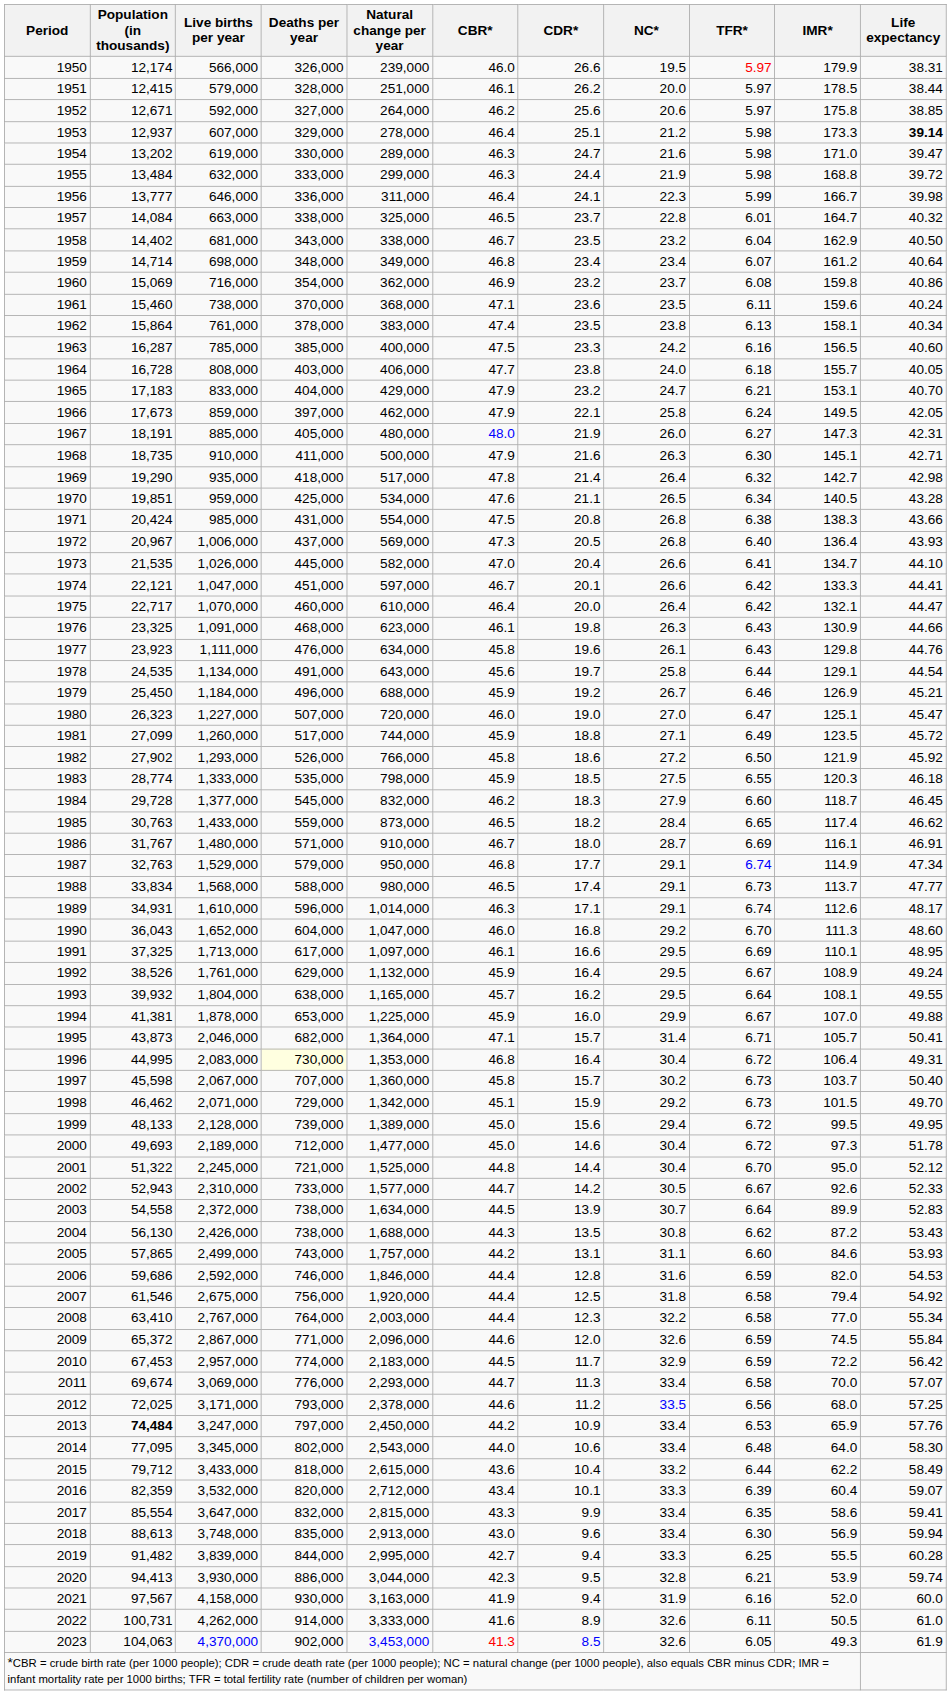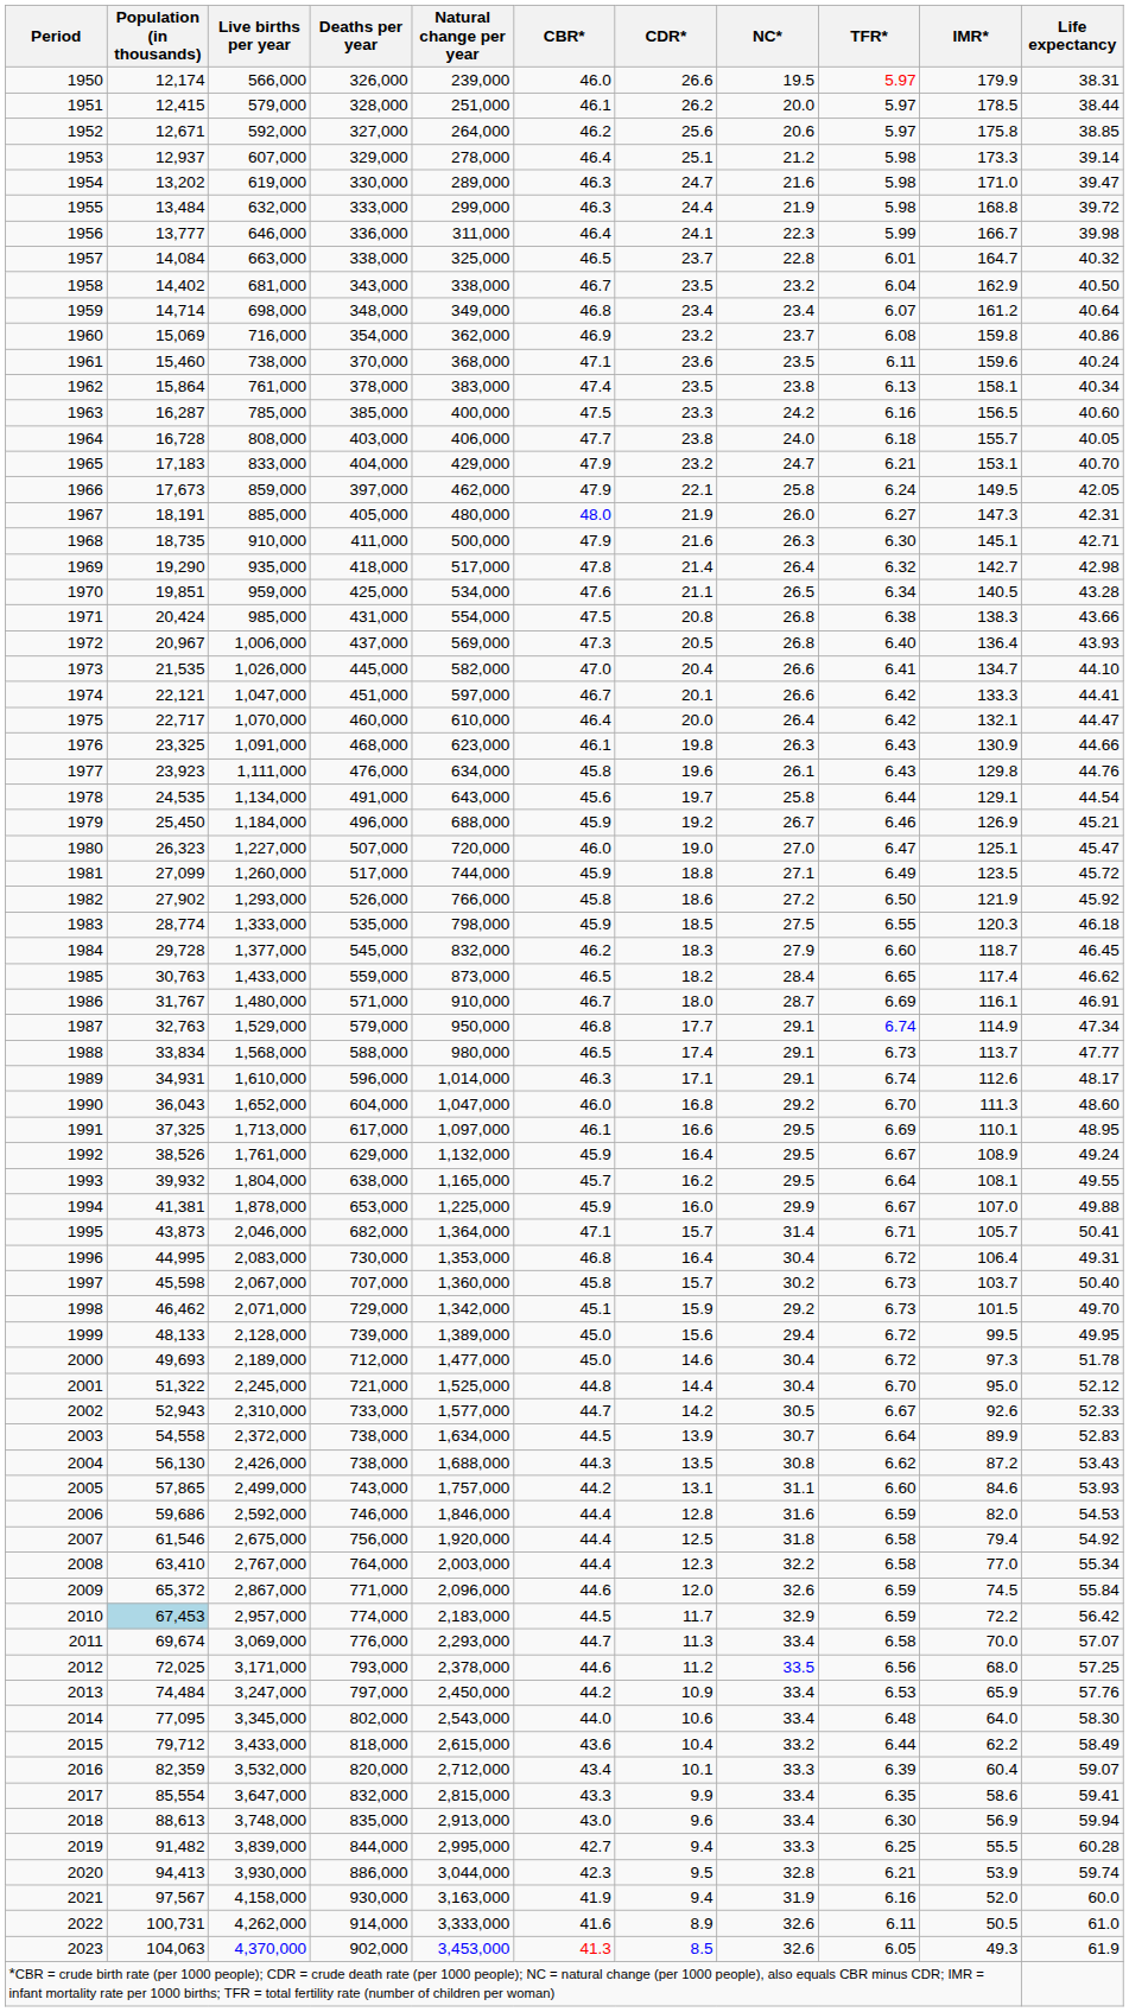 <table class="wikitable sortable" style="text-align: right;">
 <tr>
 <th style="width:70pt;">Period</th>
 <th style="width:70pt;">Population (in thousands)</th>
 <th style="width:70pt;">Live births per year</th>
 <th style="width:70pt;">Deaths per year</th>
 <th style="width:70pt;">Natural change per year</th>
 <th style="width:70pt;">CBR*</th>
 <th style="width:70pt;">CDR*</th>
 <th style="width:70pt;">NC*</th>
 <th style="width:70pt;">TFR*</th>
 <th style="width:70pt;">IMR*</th>
 <th style="width:70pt;">Life expectancy</th>
 </tr>
 <tr>
 <td>1950</td>
 <td>12,174</td>
 <td>   566,000</td>
 <td>   326,000</td>
 <td>   239,000</td>
 <td>46.0</td>
 <td>26.6</td>
 <td>19.5</td>
 <td style="color:red">5.97</td>
 <td>179.9</td>
 <td>38.31</td>
 </tr>
 <tr>
 <td>1951</td>
 <td>12,415</td>
 <td>  579,000</td>
 <td>  328,000</td>
 <td>  251,000</td>
 <td>46.1</td>
 <td>26.2</td>
 <td>20.0</td>
 <td>5.97</td>
 <td>178.5</td>
 <td>38.44</td>
 </tr>
 <tr>
 <td>1952</td>
 <td>12,671</td>
 <td>  592,000</td>
 <td>  327,000</td>
 <td>  264,000</td>
 <td>46.2</td>
 <td>25.6</td>
 <td>20.6</td>
 <td>5.97</td>
 <td>175.8</td>
 <td>38.85</td>
 </tr>
 <tr>
 <td>1953</td>
 <td>12,937</td>
 <td>  607,000</td>
 <td>  329,000</td>
 <td>  278,000</td>
 <td>46.4</td>
 <td>25.1</td>
 <td>21.2</td>
 <td>5.98</td>
 <td>173.3</td>
-<td><strong>39.14</strong></td>
+<td>39.14</td>
 </tr>
 <tr>
 <td>1954</td>
 <td>13,202</td>
 <td>  619,000</td>
 <td>  330,000</td>
 <td>  289,000</td>
 <td>46.3</td>
 <td>24.7</td>
 <td>21.6</td>
 <td>5.98</td>
 <td>171.0</td>
 <td>39.47</td>
 </tr>
 <tr>
 <td>1955</td>
 <td>13,484</td>
 <td>  632,000</td>
 <td>  333,000</td>
 <td>  299,000</td>
 <td>46.3</td>
 <td>24.4</td>
 <td>21.9</td>
 <td>5.98</td>
 <td>168.8</td>
 <td>39.72</td>
 </tr>
 <tr>
 <td>1956</td>
 <td>13,777</td>
 <td>  646,000</td>
 <td>  336,000</td>
 <td>  311,000</td>
 <td>46.4</td>
 <td>24.1</td>
 <td>22.3</td>
 <td>5.99</td>
 <td>166.7</td>
 <td>39.98</td>
 </tr>
 <tr>
 <td>1957</td>
 <td>14,084</td>
 <td>  663,000</td>
 <td>  338,000</td>
 <td>  325,000</td>
 <td>46.5</td>
 <td>23.7</td>
 <td>22.8</td>
 <td>6.01</td>
 <td>164.7</td>
 <td>40.32</td>
 </tr>
 <tr>
 <td>1958</td>
 <td>14,402</td>
 <td>  681,000</td>
 <td>  343,000</td>
 <td>  338,000</td>
 <td>46.7</td>
 <td>23.5</td>
 <td>23.2</td>
 <td>6.04</td>
 <td>162.9</td>
 <td>40.50</td>
 </tr>
 <tr>
 <td>1959</td>
 <td>14,714</td>
 <td>  698,000</td>
 <td>  348,000</td>
 <td>  349,000</td>
 <td>46.8</td>
 <td>23.4</td>
 <td>23.4</td>
 <td>6.07</td>
 <td>161.2</td>
 <td>40.64</td>
 </tr>
 <tr>
 <td>1960</td>
 <td>15,069</td>
 <td>  716,000</td>
 <td>  354,000</td>
 <td>  362,000</td>
 <td>46.9</td>
 <td>23.2</td>
 <td>23.7</td>
 <td>6.08</td>
 <td>159.8</td>
 <td>40.86</td>
 </tr>
 <tr>
 <td>1961</td>
 <td>15,460</td>
 <td>  738,000</td>
 <td>  370,000</td>
 <td>  368,000</td>
 <td>47.1</td>
 <td>23.6</td>
 <td>23.5</td>
 <td>6.11</td>
 <td>159.6</td>
 <td>40.24</td>
 </tr>
 <tr>
 <td>1962</td>
 <td>15,864</td>
 <td>  761,000</td>
 <td>  378,000</td>
 <td>  383,000</td>
 <td>47.4</td>
 <td>23.5</td>
 <td>23.8</td>
 <td>6.13</td>
 <td>158.1</td>
 <td>40.34</td>
 </tr>
 <tr>
 <td>1963</td>
 <td>16,287</td>
 <td>  785,000</td>
 <td>  385,000</td>
 <td>  400,000</td>
 <td>47.5</td>
 <td>23.3</td>
 <td>24.2</td>
 <td>6.16</td>
 <td>156.5</td>
 <td>40.60</td>
 </tr>
 <tr>
 <td>1964</td>
 <td>16,728</td>
 <td>  808,000</td>
 <td>  403,000</td>
 <td>  406,000</td>
 <td>47.7</td>
 <td>23.8</td>
 <td>24.0</td>
 <td>6.18</td>
 <td>155.7</td>
 <td>40.05</td>
 </tr>
 <tr>
 <td>1965</td>
 <td>17,183</td>
 <td>  833,000</td>
 <td>  404,000</td>
 <td>  429,000</td>
 <td>47.9</td>
 <td>23.2</td>
 <td>24.7</td>
 <td>6.21</td>
 <td>153.1</td>
 <td>40.70</td>
 </tr>
 <tr>
 <td>1966</td>
 <td>17,673</td>
 <td>  859,000</td>
 <td>  397,000</td>
 <td>  462,000</td>
 <td>47.9</td>
 <td>22.1</td>
 <td>25.8</td>
 <td>6.24</td>
 <td>149.5</td>
 <td>42.05</td>
 </tr>
 <tr>
 <td>1967</td>
 <td>18,191</td>
 <td>  885,000</td>
 <td>  405,000</td>
 <td>  480,000</td>
 <td style="color:blue">48.0</td>
 <td>21.9</td>
 <td>26.0</td>
 <td>6.27</td>
 <td>147.3</td>
 <td>42.31</td>
 </tr>
 <tr>
 <td>1968</td>
 <td>18,735</td>
 <td>  910,000</td>
 <td>  411,000</td>
 <td>  500,000</td>
 <td>47.9</td>
 <td>21.6</td>
 <td>26.3</td>
 <td>6.30</td>
 <td>145.1</td>
 <td>42.71</td>
 </tr>
 <tr>
 <td>1969</td>
 <td>19,290</td>
 <td>  935,000</td>
 <td>  418,000</td>
 <td>  517,000</td>
 <td>47.8</td>
 <td>21.4</td>
 <td>26.4</td>
 <td>6.32</td>
 <td>142.7</td>
 <td>42.98</td>
 </tr>
 <tr>
 <td>1970</td>
 <td>19,851</td>
 <td>  959,000</td>
 <td>  425,000</td>
 <td>  534,000</td>
 <td>47.6</td>
 <td>21.1</td>
 <td>26.5</td>
 <td>6.34</td>
 <td>140.5</td>
 <td>43.28</td>
 </tr>
 <tr>
 <td>1971</td>
 <td>20,424</td>
 <td>  985,000</td>
 <td>  431,000</td>
 <td>  554,000</td>
 <td>47.5</td>
 <td>20.8</td>
 <td>26.8</td>
 <td>6.38</td>
 <td>138.3</td>
 <td>43.66</td>
 </tr>
 <tr>
 <td>1972</td>
 <td>20,967</td>
 <td>  1,006,000</td>
 <td>  437,000</td>
 <td>  569,000</td>
 <td>47.3</td>
 <td>20.5</td>
 <td>26.8</td>
 <td>6.40</td>
 <td>136.4</td>
 <td>43.93</td>
 </tr>
 <tr>
 <td>1973</td>
 <td>21,535</td>
 <td>  1,026,000</td>
 <td>  445,000</td>
 <td>  582,000</td>
 <td>47.0</td>
 <td>20.4</td>
 <td>26.6</td>
 <td>6.41</td>
 <td>134.7</td>
 <td>44.10</td>
 </tr>
 <tr>
 <td>1974</td>
 <td>22,121</td>
 <td>  1,047,000</td>
 <td>  451,000</td>
 <td>  597,000</td>
 <td>46.7</td>
 <td>20.1</td>
 <td>26.6</td>
 <td>6.42</td>
 <td>133.3</td>
 <td>44.41</td>
 </tr>
 <tr>
 <td>1975</td>
 <td>22,717</td>
 <td>  1,070,000</td>
 <td>  460,000</td>
 <td>  610,000</td>
 <td>46.4</td>
 <td>20.0</td>
 <td>26.4</td>
 <td>6.42</td>
 <td>132.1</td>
 <td>44.47</td>
 </tr>
 <tr>
 <td>1976</td>
 <td>23,325</td>
 <td>  1,091,000</td>
 <td>  468,000</td>
 <td>  623,000</td>
 <td>46.1</td>
 <td>19.8</td>
 <td>26.3</td>
 <td>6.43</td>
 <td>130.9</td>
 <td>44.66</td>
 </tr>
 <tr>
 <td>1977</td>
 <td>23,923</td>
 <td>  1,111,000</td>
 <td>  476,000</td>
 <td>  634,000</td>
 <td>45.8</td>
 <td>19.6</td>
 <td>26.1</td>
 <td>6.43</td>
 <td>129.8</td>
 <td>44.76</td>
 </tr>
 <tr>
 <td>1978</td>
 <td>24,535</td>
 <td>  1,134,000</td>
 <td>  491,000</td>
 <td>  643,000</td>
 <td>45.6</td>
 <td>19.7</td>
 <td>25.8</td>
 <td>6.44</td>
 <td>129.1</td>
 <td>44.54</td>
 </tr>
 <tr>
 <td>1979</td>
 <td>25,450</td>
 <td>  1,184,000</td>
 <td>  496,000</td>
 <td>  688,000</td>
 <td>45.9</td>
 <td>19.2</td>
 <td>26.7</td>
 <td>6.46</td>
 <td>126.9</td>
 <td>45.21</td>
 </tr>
 <tr>
 <td>1980</td>
 <td>26,323</td>
 <td>  1,227,000</td>
 <td>  507,000</td>
 <td>  720,000</td>
 <td>46.0</td>
 <td>19.0</td>
 <td>27.0</td>
 <td>6.47</td>
 <td>125.1</td>
 <td>45.47</td>
 </tr>
 <tr>
 <td>1981</td>
 <td>27,099</td>
 <td>  1,260,000</td>
 <td>  517,000</td>
 <td>  744,000</td>
 <td>45.9</td>
 <td>18.8</td>
 <td>27.1</td>
 <td>6.49</td>
 <td>123.5</td>
 <td>45.72</td>
 </tr>
 <tr>
 <td>1982</td>
 <td>27,902</td>
 <td>  1,293,000</td>
 <td>  526,000</td>
 <td>  766,000</td>
 <td>45.8</td>
 <td>18.6</td>
 <td>27.2</td>
 <td>6.50</td>
 <td>121.9</td>
 <td>45.92</td>
 </tr>
 <tr>
 <td>1983</td>
 <td>28,774</td>
 <td>  1,333,000</td>
 <td>  535,000</td>
 <td>  798,000</td>
 <td>45.9</td>
 <td>18.5</td>
 <td>27.5</td>
 <td>6.55</td>
 <td>120.3</td>
 <td>46.18</td>
 </tr>
 <tr>
 <td>1984</td>
 <td>29,728</td>
 <td>  1,377,000</td>
 <td>  545,000</td>
 <td>  832,000</td>
 <td>46.2</td>
 <td>18.3</td>
 <td>27.9</td>
 <td>6.60</td>
 <td>118.7</td>
 <td>46.45</td>
 </tr>
 <tr>
 <td>1985</td>
 <td>30,763</td>
 <td>  1,433,000</td>
 <td>  559,000</td>
 <td>  873,000</td>
 <td>46.5</td>
 <td>18.2</td>
 <td>28.4</td>
 <td>6.65</td>
 <td>117.4</td>
 <td>46.62</td>
 </tr>
 <tr>
 <td>1986</td>
 <td>31,767</td>
 <td>  1,480,000</td>
 <td>  571,000</td>
 <td>  910,000</td>
 <td>46.7</td>
 <td>18.0</td>
 <td>28.7</td>
 <td>6.69</td>
 <td>116.1</td>
 <td>46.91</td>
 </tr>
 <tr>
 <td>1987</td>
 <td>32,763</td>
 <td>  1,529,000</td>
 <td>  579,000</td>
 <td>  950,000</td>
 <td>46.8</td>
 <td>17.7</td>
 <td>29.1</td>
 <td style="color:blue">6.74</td>
 <td>114.9</td>
 <td>47.34</td>
 </tr>
 <tr>
 <td>1988</td>
 <td> 33,834</td>
 <td>1,568,000</td>
 <td>  588,000</td>
 <td>  980,000</td>
 <td>46.5</td>
 <td>17.4</td>
 <td>29.1</td>
 <td>6.73</td>
 <td>113.7</td>
 <td>47.77</td>
 </tr>
 <tr>
 <td>1989</td>
 <td>34,931</td>
 <td>  1,610,000</td>
 <td>  596,000</td>
 <td>  1,014,000</td>
 <td>46.3</td>
 <td>17.1</td>
 <td>29.1</td>
 <td>6.74</td>
 <td>112.6</td>
 <td>48.17</td>
 </tr>
 <tr>
 <td>1990</td>
 <td>36,043</td>
 <td>  1,652,000</td>
 <td>  604,000</td>
 <td>  1,047,000</td>
 <td>46.0</td>
 <td>16.8</td>
 <td>29.2</td>
 <td>6.70</td>
 <td>111.3</td>
 <td>48.60</td>
 </tr>
 <tr>
 <td>1991</td>
 <td>37,325</td>
 <td>  1,713,000</td>
 <td>  617,000</td>
 <td>  1,097,000</td>
 <td>46.1</td>
 <td>16.6</td>
 <td>29.5</td>
 <td>6.69</td>
 <td>110.1</td>
 <td>48.95</td>
 </tr>
 <tr>
 <td>1992</td>
 <td>38,526</td>
 <td>  1,761,000</td>
 <td>  629,000</td>
 <td>  1,132,000</td>
 <td>45.9</td>
 <td>16.4</td>
 <td>29.5</td>
 <td>6.67</td>
 <td>108.9</td>
 <td>49.24</td>
 </tr>
 <tr>
 <td>1993</td>
 <td>39,932</td>
 <td>  1,804,000</td>
 <td>  638,000</td>
 <td>  1,165,000</td>
 <td>45.7</td>
 <td>16.2</td>
 <td>29.5</td>
 <td>6.64</td>
 <td>108.1</td>
 <td>49.55</td>
 </tr>
 <tr>
 <td>1994</td>
 <td>41,381</td>
 <td>  1,878,000</td>
 <td>  653,000</td>
 <td>  1,225,000</td>
 <td>45.9</td>
 <td>16.0</td>
 <td>29.9</td>
 <td>6.67</td>
 <td>107.0</td>
 <td>49.88</td>
 </tr>
 <tr>
 <td>1995</td>
 <td>43,873</td>
 <td>  2,046,000</td>
 <td>  682,000</td>
 <td>  1,364,000</td>
 <td>47.1</td>
 <td>15.7</td>
 <td>31.4</td>
 <td>6.71</td>
 <td>105.7</td>
 <td>50.41</td>
 </tr>
 <tr>
 <td>1996</td>
 <td>44,995</td>
 <td>  2,083,000</td>
-<td style="background: lightyellow;">  730,000</td>
+<td>  730,000</td>
 <td>  1,353,000</td>
 <td>46.8</td>
 <td>16.4</td>
 <td>30.4</td>
 <td>6.72</td>
 <td>106.4</td>
 <td>49.31</td>
 </tr>
 <tr>
 <td>1997</td>
 <td>45,598</td>
 <td>  2,067,000</td>
 <td>  707,000</td>
 <td>  1,360,000</td>
 <td>45.8</td>
 <td>15.7</td>
 <td>30.2</td>
 <td>6.73</td>
 <td>103.7</td>
 <td>50.40</td>
 </tr>
 <tr>
 <td>1998</td>
 <td>46,462</td>
 <td>  2,071,000</td>
 <td>  729,000</td>
 <td>  1,342,000</td>
 <td>45.1</td>
 <td>15.9</td>
 <td>29.2</td>
 <td>6.73</td>
 <td>101.5</td>
 <td>49.70</td>
 </tr>
 <tr>
 <td>1999</td>
 <td>48,133</td>
 <td>  2,128,000</td>
 <td>  739,000</td>
 <td>  1,389,000</td>
 <td>45.0</td>
 <td>15.6</td>
 <td>29.4</td>
 <td>6.72</td>
 <td>99.5</td>
 <td>49.95</td>
 </tr>
 <tr>
 <td>2000</td>
 <td>49,693</td>
 <td>  2,189,000</td>
 <td>  712,000</td>
 <td>  1,477,000</td>
 <td>45.0</td>
 <td>14.6</td>
 <td>30.4</td>
 <td>6.72</td>
 <td>97.3</td>
 <td>51.78</td>
 </tr>
 <tr>
 <td>2001</td>
 <td>51,322</td>
 <td>  2,245,000</td>
 <td>  721,000</td>
 <td>  1,525,000</td>
 <td>44.8</td>
 <td>14.4</td>
 <td>30.4</td>
 <td>6.70</td>
 <td>95.0</td>
 <td>52.12</td>
 </tr>
 <tr>
 <td>2002</td>
 <td>52,943</td>
 <td>  2,310,000</td>
 <td>  733,000</td>
 <td>  1,577,000</td>
 <td>44.7</td>
 <td>14.2</td>
 <td>30.5</td>
 <td>6.67</td>
 <td>92.6</td>
 <td>52.33</td>
 </tr>
 <tr>
 <td>2003</td>
 <td>54,558</td>
 <td>  2,372,000</td>
 <td>  738,000</td>
 <td>  1,634,000</td>
 <td>44.5</td>
 <td>13.9</td>
 <td>30.7</td>
 <td>6.64</td>
 <td>89.9</td>
 <td>52.83</td>
 </tr>
 <tr>
 <td>2004</td>
 <td>56,130</td>
 <td>  2,426,000</td>
 <td>  738,000</td>
 <td>  1,688,000</td>
 <td>44.3</td>
 <td>13.5</td>
 <td>30.8</td>
 <td>6.62</td>
 <td>87.2</td>
 <td>53.43</td>
 </tr>
 <tr>
 <td>2005</td>
 <td>57,865</td>
 <td>  2,499,000</td>
 <td>  743,000</td>
 <td>  1,757,000</td>
 <td>44.2</td>
 <td>13.1</td>
 <td>31.1</td>
 <td>6.60</td>
 <td>84.6</td>
 <td>53.93</td>
 </tr>
 <tr>
 <td>2006</td>
 <td>59,686</td>
 <td>  2,592,000</td>
 <td>  746,000</td>
 <td>  1,846,000</td>
 <td>44.4</td>
 <td>12.8</td>
 <td>31.6</td>
 <td>6.59</td>
 <td>82.0</td>
 <td>54.53</td>
 </tr>
 <tr>
 <td>2007</td>
 <td>61,546</td>
 <td>  2,675,000</td>
 <td>  756,000</td>
 <td>  1,920,000</td>
 <td>44.4</td>
 <td>12.5</td>
 <td>31.8</td>
 <td>6.58</td>
 <td>79.4</td>
 <td>54.92</td>
 </tr>
 <tr>
 <td>2008</td>
 <td>63,410</td>
 <td>  2,767,000</td>
 <td>  764,000</td>
 <td>  2,003,000</td>
 <td>44.4</td>
 <td>12.3</td>
 <td>32.2</td>
 <td>6.58</td>
 <td>77.0</td>
 <td>55.34</td>
 </tr>
 <tr>
 <td>2009</td>
 <td>65,372</td>
 <td>  2,867,000</td>
 <td>  771,000</td>
 <td>  2,096,000</td>
 <td>44.6</td>
 <td>12.0</td>
 <td>32.6</td>
 <td>6.59</td>
 <td>74.5</td>
 <td>55.84</td>
 </tr>
 <tr>
 <td>2010</td>
-<td>67,453</td>
+<td style="background: lightblue;">67,453</td>
 <td>  2,957,000</td>
 <td>  774,000</td>
 <td>  2,183,000</td>
 <td>44.5</td>
 <td>11.7</td>
 <td>32.9</td>
 <td>6.59</td>
 <td>72.2</td>
 <td>56.42</td>
 </tr>
 <tr>
 <td>2011</td>
 <td>69,674</td>
 <td>  3,069,000</td>
 <td>  776,000</td>
 <td>  2,293,000</td>
 <td>44.7</td>
 <td>11.3</td>
 <td>33.4</td>
 <td>6.58</td>
 <td>70.0</td>
 <td>57.07</td>
 </tr>
 <tr>
 <td>2012</td>
 <td>72,025</td>
 <td>  3,171,000</td>
 <td>  793,000</td>
 <td>  2,378,000</td>
 <td>44.6</td>
 <td>11.2</td>
 <td style="color:blue">33.5</td>
 <td>6.56</td>
 <td>68.0</td>
 <td>57.25</td>
 </tr>
 <tr>
 <td>2013</td>
-<td><strong>74,484</strong></td>
+<td>74,484</td>
 <td>  3,247,000</td>
 <td>  797,000</td>
 <td>  2,450,000</td>
 <td>44.2</td>
 <td>10.9</td>
 <td>33.4</td>
 <td>6.53</td>
 <td>65.9</td>
 <td>57.76</td>
 </tr>
 <tr>
 <td>2014</td>
 <td>77,095</td>
 <td>  3,345,000</td>
 <td>  802,000</td>
 <td>  2,543,000</td>
 <td>44.0</td>
 <td>10.6</td>
 <td>33.4</td>
 <td>6.48</td>
 <td>64.0</td>
 <td>58.30</td>
 </tr>
 <tr>
 <td>2015</td>
 <td>79,712</td>
 <td>  3,433,000</td>
 <td>  818,000</td>
 <td>  2,615,000</td>
 <td>43.6</td>
 <td>10.4</td>
 <td>33.2</td>
 <td>6.44</td>
 <td>62.2</td>
 <td>58.49</td>
 </tr>
 <tr>
 <td>2016</td>
 <td>82,359</td>
 <td>  3,532,000</td>
 <td>  820,000</td>
 <td>  2,712,000</td>
 <td>43.4</td>
 <td>10.1</td>
 <td>33.3</td>
 <td>6.39</td>
 <td>60.4</td>
 <td>59.07</td>
 </tr>
 <tr>
 <td>2017</td>
 <td>85,554</td>
 <td>  3,647,000</td>
 <td>  832,000</td>
 <td>  2,815,000</td>
 <td>43.3</td>
 <td>9.9</td>
 <td>33.4</td>
 <td>6.35</td>
 <td>58.6</td>
 <td>59.41</td>
 </tr>
 <tr>
 <td>2018</td>
 <td>88,613</td>
 <td>  3,748,000</td>
 <td>  835,000</td>
 <td>  2,913,000</td>
 <td>43.0</td>
 <td>9.6</td>
 <td>33.4</td>
 <td>6.30</td>
 <td>56.9</td>
 <td>59.94</td>
 </tr>
 <tr>
 <td>2019</td>
 <td>91,482</td>
 <td>  3,839,000</td>
 <td>  844,000</td>
 <td>  2,995,000</td>
 <td>42.7</td>
 <td>9.4</td>
 <td>33.3</td>
 <td>6.25</td>
 <td>55.5</td>
 <td>60.28</td>
 </tr>
 <tr>
 <td>2020</td>
 <td>94,413</td>
 <td>  3,930,000</td>
 <td>  886,000</td>
 <td>  3,044,000</td>
 <td>42.3</td>
 <td>9.5</td>
 <td>32.8</td>
 <td>6.21</td>
 <td>53.9</td>
 <td>59.74</td>
 </tr>
 <tr>
 <td>2021</td>
 <td>97,567</td>
 <td>  4,158,000</td>
 <td>  930,000</td>
 <td>  3,163,000</td>
 <td>41.9</td>
 <td>9.4</td>
 <td>31.9</td>
 <td>6.16</td>
 <td>52.0</td>
 <td>60.0</td>
 </tr>
 <tr>
 <td>2022</td>
 <td>100,731</td>
 <td>  4,262,000</td>
 <td>  914,000</td>
 <td>  3,333,000</td>
 <td>41.6</td>
 <td>8.9</td>
 <td>32.6</td>
 <td>6.11</td>
 <td>50.5</td>
 <td>61.0</td>
 </tr>
 <tr>
 <td>2023</td>
 <td>104,063</td>
 <td style="color:blue">4,370,000</td>
 <td>  902,000</td>
 <td style="color:blue">3,453,000</td>
 <td style="color:red">41.3</td>
 <td style="color:blue">8.5</td>
 <td>32.6</td>
 <td>6.05</td>
 <td>49.3</td>
 <td>61.9</td>
 </tr>
 <tr>
 <td colspan="10" style="text-align:left;">*<small>CBR = crude birth rate (per 1000 people); CDR = crude death rate (per 1000 people); NC = natural change (per 1000 people), also equals CBR minus CDR; IMR = infant mortality rate per 1000 births; TFR = total fertility rate (number of children per woman)</small></td>
 </tr>
 </table>
